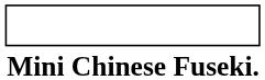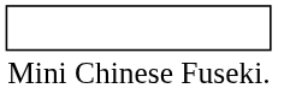 <table style="margin:1em;">
 <tr>
 <td style="border: solid thin; padding: 2px;"><br></td>
 </tr>
 <tr>
-<td style="text-align:center"><strong>Mini Chinese Fuseki.</strong></td>
+<td style="text-align:center">Mini Chinese Fuseki.</td>
 </tr>
 </table>
